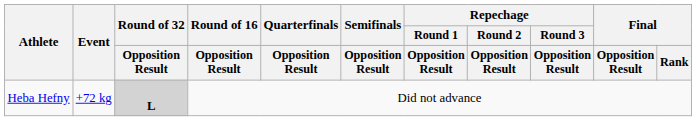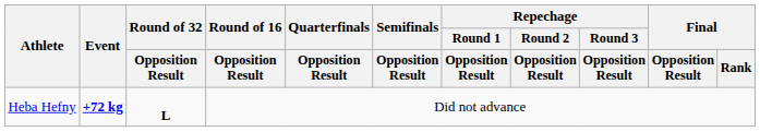 <table class="wikitable" style="font-size:90%">
 <tr>
 <th rowspan="3">Athlete</th>
 <th rowspan="3">Event</th>
 <th rowspan="2">Round of 32</th>
 <th rowspan="2">Round of 16</th>
 <th rowspan="2">Quarterfinals</th>
 <th rowspan="2">Semifinals</th>
 <th colspan=3>Repechage</th>
 <th rowspan="2" colspan=2>Final</th>
 </tr>
 <tr style="font-size:95%">
 <th>Round 1</th>
 <th>Round 2</th>
 <th>Round 3</th>
 </tr>
 <tr style="font-size:95%">
 <th>Opposition<br>Result</th>
 <th>Opposition<br>Result</th>
 <th>Opposition<br>Result</th>
 <th>Opposition<br>Result</th>
 <th>Opposition<br>Result</th>
 <th>Opposition<br>Result</th>
 <th>Opposition<br>Result</th>
 <th>Opposition<br>Result</th>
 <th>Rank</th>
 </tr>
 <tr align=center>
 <td align=left><a href='#'>Heba Hefny</a></td>
-<td align=left><a href='#'>+72 kg</a></td>
-<td style="background: lightgrey;"><br><strong>L</strong></td>
+<td align=left><strong><a href='#'>+72 kg</a></strong></td>
+<td><br><strong>L</strong></td>
 <td colspan=8>Did not advance</td>
 </tr>
 </table>
